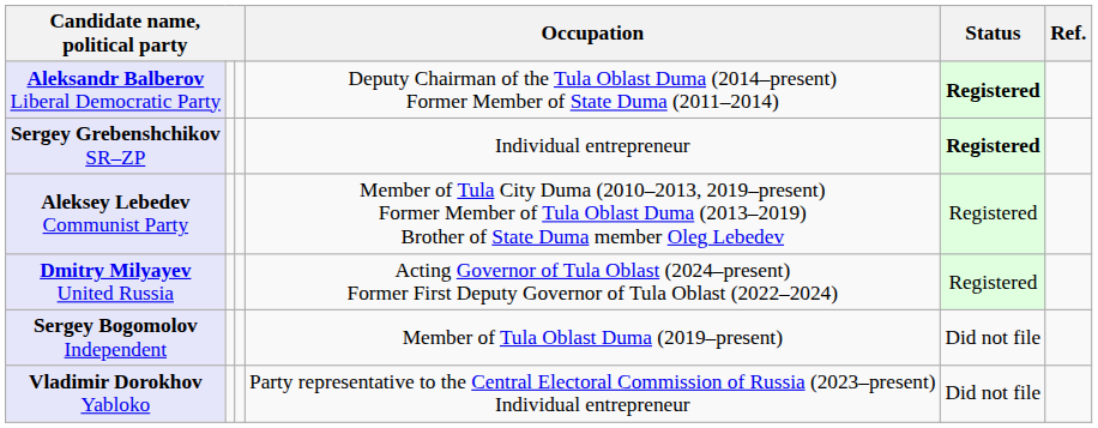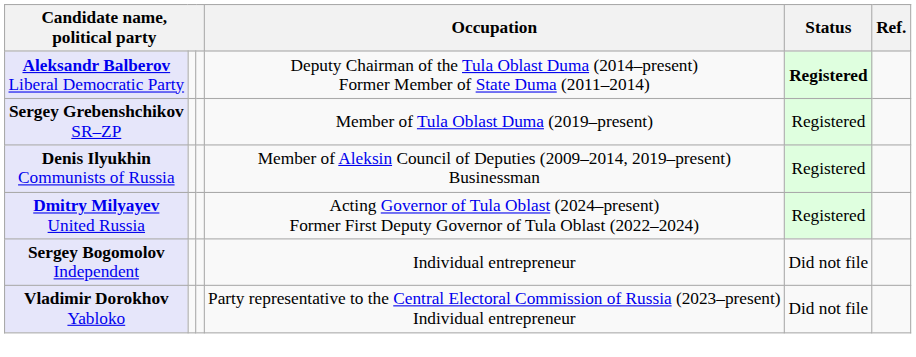 <table class="wikitable" style="text-align:center;">
 <tr>
 <th colspan="3">Candidate name,<br>political party</th>
 <th>Occupation</th>
 <th>Status</th>
 <th>Ref.</th>
 </tr>
 <tr>
 <td style="background:lavender;"><strong><a href='#'>Aleksandr Balberov</a></strong><br><a href='#'>Liberal Democratic Party</a></td>
 <td style="background-color:"></td>
 <td></td>
 <td>Deputy Chairman of the <a href='#'>Tula Oblast Duma</a> (2014–present)<br>Former Member of <a href='#'>State Duma</a> (2011–2014)</td>
 <td bgcolor="#DFFFDF"><strong>Registered</strong></td>
 <td></td>
 </tr>
 <tr>
 <td style="background:lavender;"><strong>Sergey Grebenshchikov</strong><br><a href='#'>SR–ZP</a></td>
 <td style="background-color:"></td>
 <td></td>
-<td>Individual entrepreneur</td>
-<td bgcolor="#DFFFDF"><strong>Registered</strong></td>
+<td>Member of <a href='#'>Tula Oblast Duma</a> (2019–present)</td>
+<td bgcolor="#DFFFDF">Registered</td>
 <td></td>
 </tr>
 <tr>
-<td style="background:lavender;"><strong>Aleksey Lebedev</strong><br><a href='#'>Communist Party</a></td>
+<td style="background:lavender;"><strong>Denis Ilyukhin</strong><br><a href='#'>Communists of Russia</a></td>
 <td style="background-color:"></td>
 <td></td>
-<td>Member of <a href='#'>Tula</a> City Duma (2010–2013, 2019–present)<br>Former Member of <a href='#'>Tula Oblast Duma</a> (2013–2019)<br>Brother of <a href='#'>State Duma</a> member <a href='#'>Oleg Lebedev</a></td>
+<td>Member of <a href='#'>Aleksin</a> Council of Deputies (2009–2014, 2019–present)<br>Businessman</td>
 <td bgcolor="#DFFFDF">Registered</td>
-<td><br></td>
+<td></td>
 </tr>
 <tr>
 <td style="background:lavender;"><strong><a href='#'>Dmitry Milyayev</a></strong><br><a href='#'>United Russia</a></td>
 <td style="background-color:"></td>
 <td></td>
 <td>Acting <a href='#'>Governor of Tula Oblast</a> (2024–present)<br>Former First Deputy Governor of Tula Oblast (2022–2024)</td>
 <td bgcolor="#DFFFDF">Registered</td>
 <td></td>
 </tr>
 <tr>
 <td style="background:lavender;"><strong>Sergey Bogomolov</strong><br><a href='#'>Independent</a></td>
 <td style="background-color:"></td>
 <td></td>
-<td>Member of <a href='#'>Tula Oblast Duma</a> (2019–present)</td>
+<td>Individual entrepreneur</td>
 <td>Did not file</td>
 <td></td>
 </tr>
 <tr>
 <td style="background:lavender;"><strong>Vladimir Dorokhov</strong><br><a href='#'>Yabloko</a></td>
 <td style="background-color:"></td>
 <td></td>
 <td>Party representative to the <a href='#'>Central Electoral Commission of Russia</a> (2023–present)<br>Individual entrepreneur</td>
 <td>Did not file</td>
 <td></td>
 </tr>
 </table>
